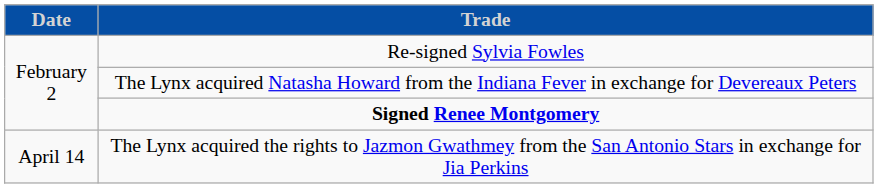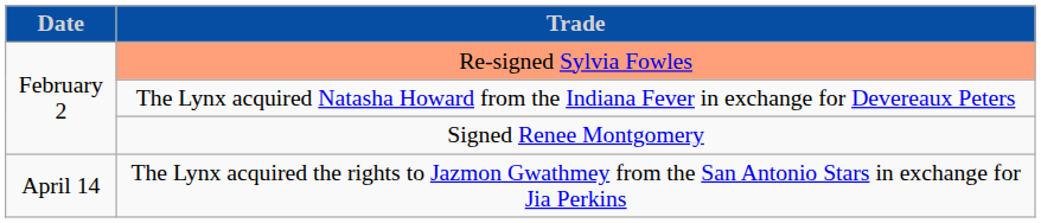 <table class="wikitable" style="width:80%; text-align: center">
 <tr>
 <th style="background:#054EA4;color:#D3D3D3; width=125">Date</th>
 <th style="background:#054EA4;color:#D3D3D3;" colspan="2">Trade</th>
 </tr>
 <tr>
 <td rowspan=3>February 2</td>
-<td>Re-signed <a href='#'>Sylvia Fowles</a></td>
+<td style="background: lightsalmon;">Re-signed <a href='#'>Sylvia Fowles</a></td>
 </tr>
 <tr>
 <td>The Lynx acquired <a href='#'>Natasha Howard</a> from the <a href='#'>Indiana Fever</a> in exchange for <a href='#'>Devereaux Peters</a></td>
 </tr>
 <tr>
-<td><strong>Signed <a href='#'>Renee Montgomery</a></strong></td>
+<td>Signed <a href='#'>Renee Montgomery</a></td>
 </tr>
 <tr>
 <td>April 14</td>
 <td>The Lynx acquired the rights to <a href='#'>Jazmon Gwathmey</a> from the <a href='#'>San Antonio Stars</a> in exchange for <a href='#'>Jia Perkins</a></td>
 </tr>
 </table>
